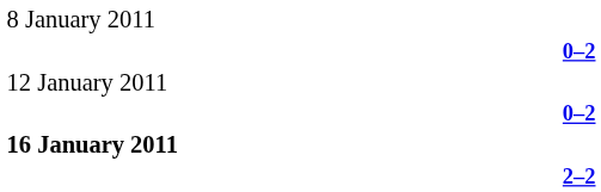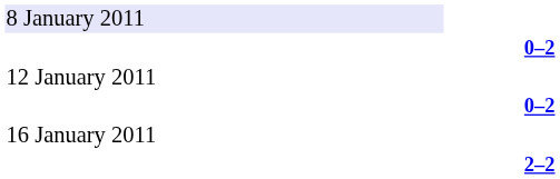 <table style="width:70%;" cellspacing="1">
 <tr>
 <th width=35%></th>
 <th width=15%></th>
 <th></th>
 </tr>
 <tr>
-<td>8 January 2011</td>
+<td style="background: lavender;">8 January 2011</td>
 </tr>
 <tr style=font-size:90%>
 <td align=right><strong></strong></td>
 <td align=center><strong><a href='#'>0–2</a></strong></td>
 <td><strong></strong></td>
 </tr>
 <tr>
 <td>12 January 2011</td>
 </tr>
 <tr style=font-size:90%>
 <td align=right><strong></strong></td>
 <td align=center><strong><a href='#'>0–2</a></strong></td>
 <td><strong></strong></td>
 </tr>
 <tr>
-<td><strong>16 January 2011</strong></td>
+<td>16 January 2011</td>
 </tr>
 <tr style=font-size:90%>
 <td align=right><strong></strong></td>
 <td align=center><strong><a href='#'>2–2</a></strong></td>
 <td><strong></strong></td>
 </tr>
 </table>
